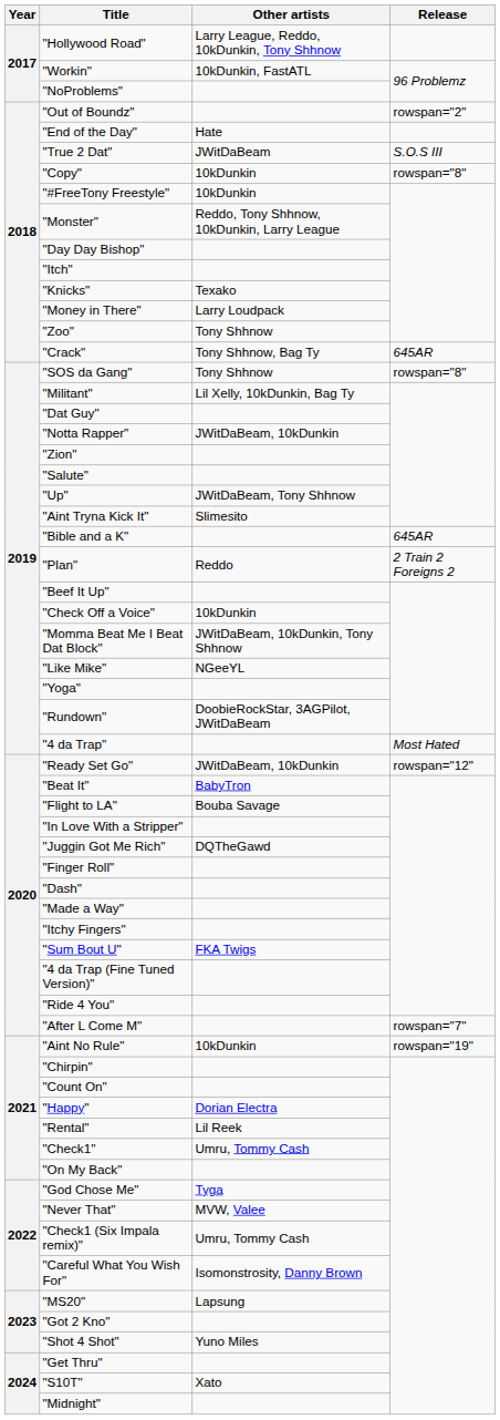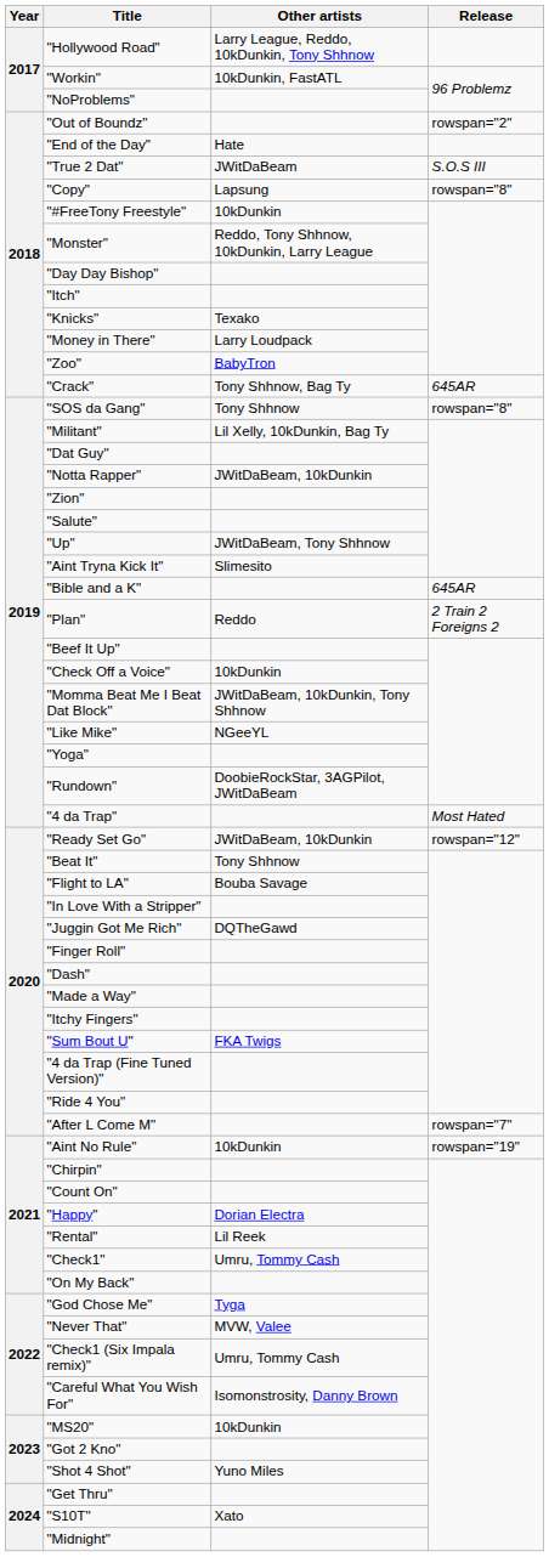 <table class="wikitable plainrowheaders">
 <tr>
 <th scope="col">Year</th>
 <th scope="col">Title</th>
 <th scope="col">Other artists</th>
 <th scope="col">Release</th>
 </tr>
 <tr>
 <th scope="row" rowspan="3">2017</th>
 <td>"Hollywood Road"</td>
 <td>Larry League, Reddo, 10kDunkin, <a href='#'>Tony Shhnow</a></td>
 <td></td>
 </tr>
 <tr>
 <td>"Workin"</td>
 <td>10kDunkin, FastATL</td>
 <td rowspan="2"><em>96 Problemz</em></td>
 </tr>
 <tr>
 <td>"NoProblems"</td>
 <td></td>
 </tr>
 <tr>
 <th scope="row" rowspan="12">2018</th>
 <td>"Out of Boundz"</td>
 <td></td>
 <td>rowspan="2" </td>
 </tr>
 <tr>
 <td>"End of the Day"</td>
 <td>Hate</td>
 </tr>
 <tr>
 <td>"True 2 Dat"</td>
 <td>JWitDaBeam</td>
 <td><em>S.O.S III</em></td>
 </tr>
 <tr>
 <td>"Copy"</td>
-<td>10kDunkin</td>
+<td>Lapsung</td>
 <td>rowspan="8" </td>
 </tr>
 <tr>
 <td>"#FreeTony Freestyle"</td>
 <td>10kDunkin</td>
 </tr>
 <tr>
 <td>"Monster"</td>
 <td>Reddo, Tony Shhnow, 10kDunkin, Larry League</td>
 </tr>
 <tr>
 <td>"Day Day Bishop"</td>
 <td></td>
 </tr>
 <tr>
 <td>"Itch"</td>
 <td></td>
 </tr>
 <tr>
 <td>"Knicks"</td>
 <td>Texako</td>
 </tr>
 <tr>
 <td>"Money in There"</td>
 <td>Larry Loudpack</td>
 </tr>
 <tr>
 <td>"Zoo"</td>
-<td>Tony Shhnow</td>
+<td><a href='#'>BabyTron</a></td>
 </tr>
 <tr>
 <td>"Crack"</td>
 <td>Tony Shhnow, Bag Ty</td>
 <td><em>645AR</em></td>
 </tr>
 <tr>
 <th scope="row" rowspan="17">2019</th>
 <td>"SOS da Gang"</td>
 <td>Tony Shhnow</td>
 <td>rowspan="8" </td>
 </tr>
 <tr>
 <td>"Militant"</td>
 <td>Lil Xelly, 10kDunkin, Bag Ty</td>
 </tr>
 <tr>
 <td>"Dat Guy"</td>
 <td></td>
 </tr>
 <tr>
 <td>"Notta Rapper"</td>
 <td>JWitDaBeam, 10kDunkin</td>
 </tr>
 <tr>
 <td>"Zion"</td>
 <td></td>
 </tr>
 <tr>
 <td>"Salute"</td>
 <td></td>
 </tr>
 <tr>
 <td>"Up"</td>
 <td>JWitDaBeam, Tony Shhnow</td>
 </tr>
 <tr>
 <td>"Aint Tryna Kick It"</td>
 <td>Slimesito</td>
 </tr>
 <tr>
 <td>"Bible and a K"</td>
 <td></td>
 <td><em>645AR</em></td>
 </tr>
 <tr>
 <td>"Plan"</td>
 <td>Reddo</td>
 <td><em>2 Train 2 Foreigns 2</em></td>
 </tr>
 <tr>
 <td>"Beef It Up"</td>
 <td></td>
 </tr>
 <tr>
 <td>"Check Off a Voice"</td>
 <td>10kDunkin</td>
 </tr>
 <tr>
 <td>"Momma Beat Me I Beat Dat Block"</td>
 <td>JWitDaBeam, 10kDunkin, Tony Shhnow</td>
 </tr>
 <tr>
 <td>"Like Mike"</td>
 <td>NGeeYL</td>
 </tr>
 <tr>
 <td>"Yoga"</td>
 <td></td>
 </tr>
 <tr>
 <td>"Rundown"</td>
 <td>DoobieRockStar, 3AGPilot, JWitDaBeam</td>
 </tr>
 <tr>
 <td>"4 da Trap"</td>
 <td></td>
 <td><em>Most Hated</em></td>
 </tr>
 <tr>
 <th scope="row" rowspan="13">2020</th>
 <td>"Ready Set Go"</td>
 <td>JWitDaBeam, 10kDunkin</td>
 <td>rowspan="12" </td>
 </tr>
 <tr>
 <td>"Beat It"</td>
-<td><a href='#'>BabyTron</a></td>
+<td>Tony Shhnow</td>
 </tr>
 <tr>
 <td>"Flight to LA"</td>
 <td>Bouba Savage</td>
 </tr>
 <tr>
 <td>"In Love With a Stripper"</td>
 <td></td>
 </tr>
 <tr>
 <td>"Juggin Got Me Rich"</td>
 <td>DQTheGawd</td>
 </tr>
 <tr>
 <td>"Finger Roll"</td>
 <td></td>
 </tr>
 <tr>
 <td>"Dash"</td>
 <td></td>
 </tr>
 <tr>
 <td>"Made a Way"</td>
 <td></td>
 </tr>
 <tr>
 <td>"Itchy Fingers"</td>
 <td></td>
 </tr>
 <tr>
 <td>"<a href='#'>Sum Bout U</a>"</td>
 <td><a href='#'>FKA Twigs</a></td>
 </tr>
 <tr>
 <td>"4 da Trap (Fine Tuned Version)"</td>
 <td></td>
 </tr>
 <tr>
 <td>"Ride 4 You"</td>
 <td></td>
 </tr>
 <tr>
 <td>"After L Come M"</td>
 <td></td>
 <td>rowspan="7" </td>
 </tr>
 <tr>
 <th scope="row" rowspan="7">2021</th>
 <td>"Aint No Rule"</td>
 <td>10kDunkin</td>
 <td>rowspan="19" </td>
 </tr>
 <tr>
 <td>"Chirpin"</td>
 <td></td>
 </tr>
 <tr>
 <td>"Count On"</td>
 <td></td>
 </tr>
 <tr>
 <td>"<a href='#'>Happy</a>"</td>
 <td><a href='#'>Dorian Electra</a></td>
 </tr>
 <tr>
 <td>"Rental"</td>
 <td>Lil Reek</td>
 </tr>
 <tr>
 <td>"Check1"</td>
 <td>Umru, <a href='#'>Tommy Cash</a></td>
 </tr>
 <tr>
 <td>"On My Back"</td>
 <td></td>
 </tr>
 <tr>
 <th scope="row" rowspan="4">2022</th>
 <td>"God Chose Me"</td>
 <td><a href='#'>Tyga</a></td>
 </tr>
 <tr>
 <td>"Never That"</td>
 <td>MVW, <a href='#'>Valee</a></td>
 </tr>
 <tr>
 <td>"Check1 (Six Impala remix)"</td>
 <td>Umru, Tommy Cash</td>
 </tr>
 <tr>
 <td>"Careful What You Wish For"</td>
 <td>Isomonstrosity, <a href='#'>Danny Brown</a></td>
 </tr>
 <tr>
 <th scope="row" rowspan="3">2023</th>
 <td>"MS20"</td>
-<td>Lapsung</td>
+<td>10kDunkin</td>
 </tr>
 <tr>
 <td>"Got 2 Kno"</td>
 <td></td>
 </tr>
 <tr>
 <td>"Shot 4 Shot"</td>
 <td>Yuno Miles</td>
 </tr>
 <tr>
 <th scope="row" rowspan="3">2024</th>
 <td>"Get Thru"</td>
 <td></td>
 </tr>
 <tr>
 <td>"S10T"</td>
 <td>Xato</td>
 </tr>
 <tr>
 <td>"Midnight"</td>
 <td></td>
 </tr>
 </table>
